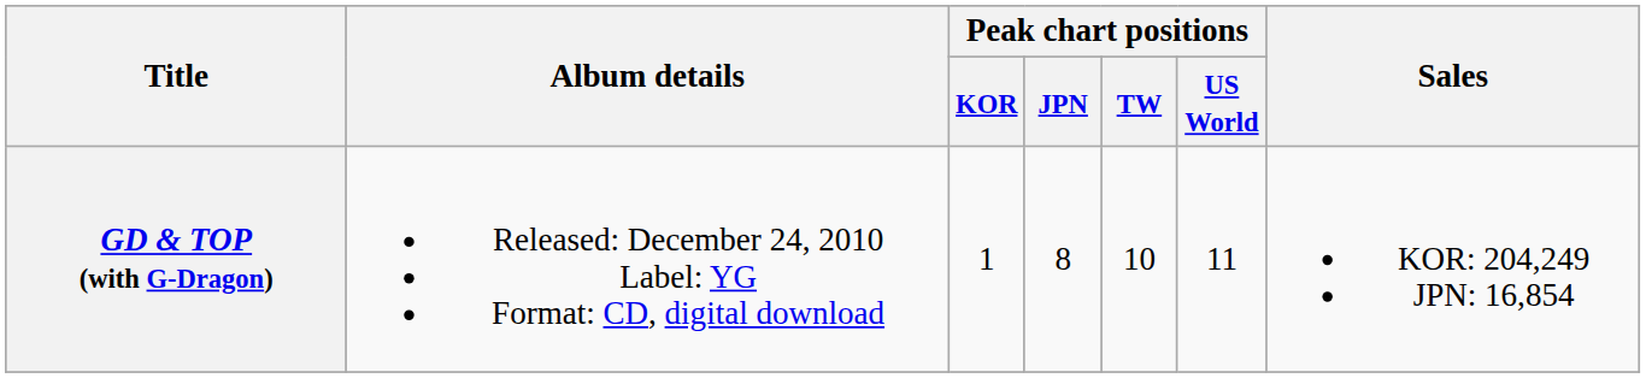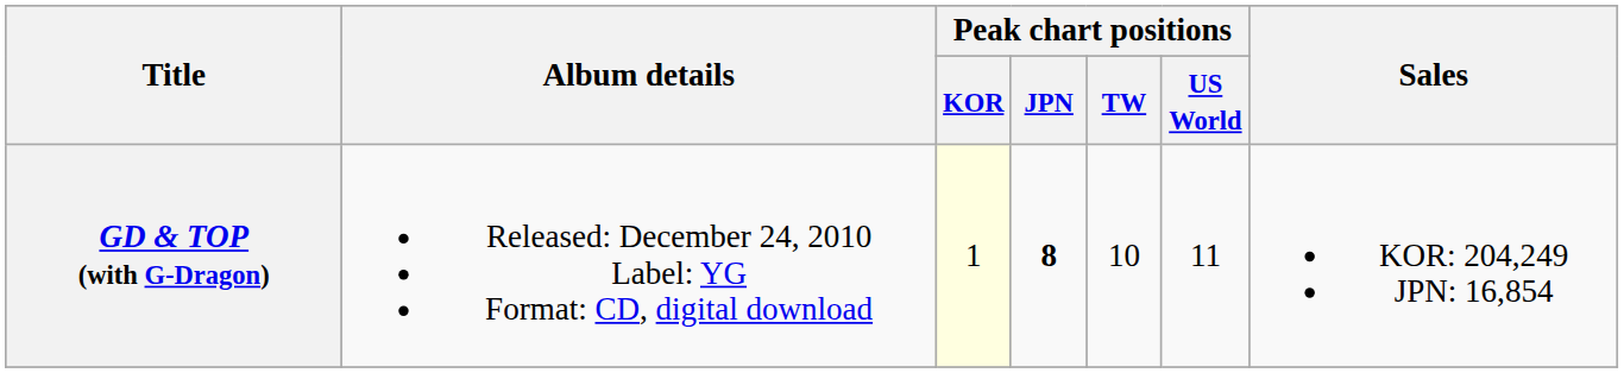 <table class="wikitable plainrowheaders" style="text-align:center;">
 <tr>
 <th rowspan="2" style="width:10em;">Title</th>
 <th rowspan="2" style="width:18em;">Album details</th>
 <th colspan="4">Peak chart positions</th>
 <th rowspan="2" style="width:11em;">Sales</th>
 </tr>
 <tr>
 <th width=30><small><a href='#'>KOR</a></small><br></th>
 <th width=30><small><a href='#'>JPN</a></small><br></th>
 <th width=30><small><a href='#'>TW</a></small><br></th>
 <th width=30><small><a href='#'>US<br>World</a></small><br></th>
 </tr>
 <tr>
 <th scope=row><em><a href='#'>GD & TOP</a></em><br><small>(with <a href='#'>G-Dragon</a>)</small></th>
 <td><br><ul><li>Released: December 24, 2010</li><li>Label: <a href='#'>YG</a></li><li>Format: <a href='#'>CD</a>, <a href='#'>digital download</a></li></ul></td>
-<td>1</td>
-<td>8</td>
+<td style="background: lightyellow;">1</td>
+<td><strong>8</strong></td>
 <td>10</td>
 <td>11</td>
 <td><br><ul><li>KOR: 204,249</li><li>JPN: 16,854</li></ul></td>
 </tr>
 </table>
